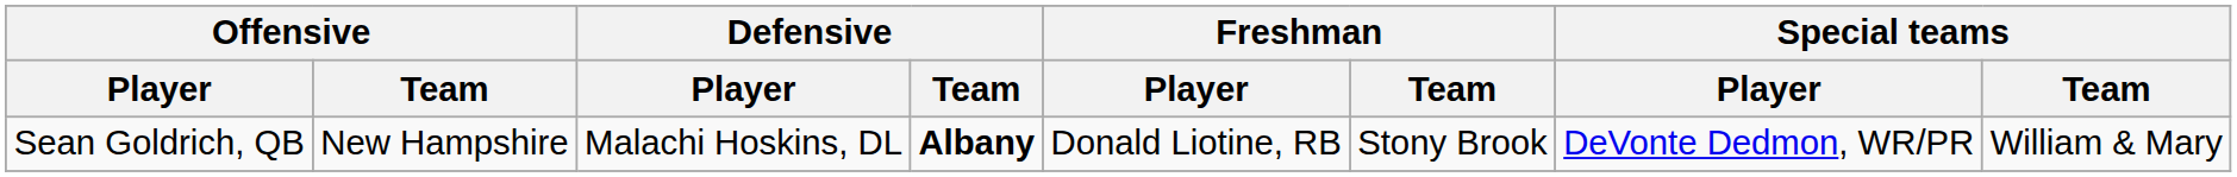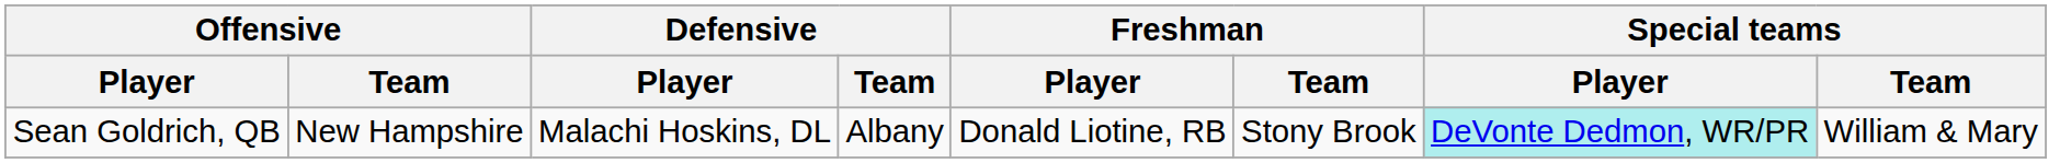 <table class="wikitable" border="1">
 <tr>
 <th colspan="2">Offensive</th>
 <th colspan="2">Defensive</th>
 <th colspan="2">Freshman</th>
 <th colspan="2">Special teams</th>
 </tr>
 <tr>
 <th>Player</th>
 <th>Team</th>
 <th>Player</th>
 <th>Team</th>
 <th>Player</th>
 <th>Team</th>
 <th>Player</th>
 <th>Team</th>
 </tr>
 <tr>
 <td>Sean Goldrich, QB</td>
 <td>New Hampshire</td>
 <td>Malachi Hoskins, DL</td>
-<td><strong>Albany</strong></td>
+<td>Albany</td>
 <td>Donald Liotine, RB</td>
 <td>Stony Brook</td>
-<td><a href='#'>DeVonte Dedmon</a>, WR/PR</td>
+<td style="background: paleturquoise;"><a href='#'>DeVonte Dedmon</a>, WR/PR</td>
 <td>William & Mary</td>
 </tr>
 </table>
